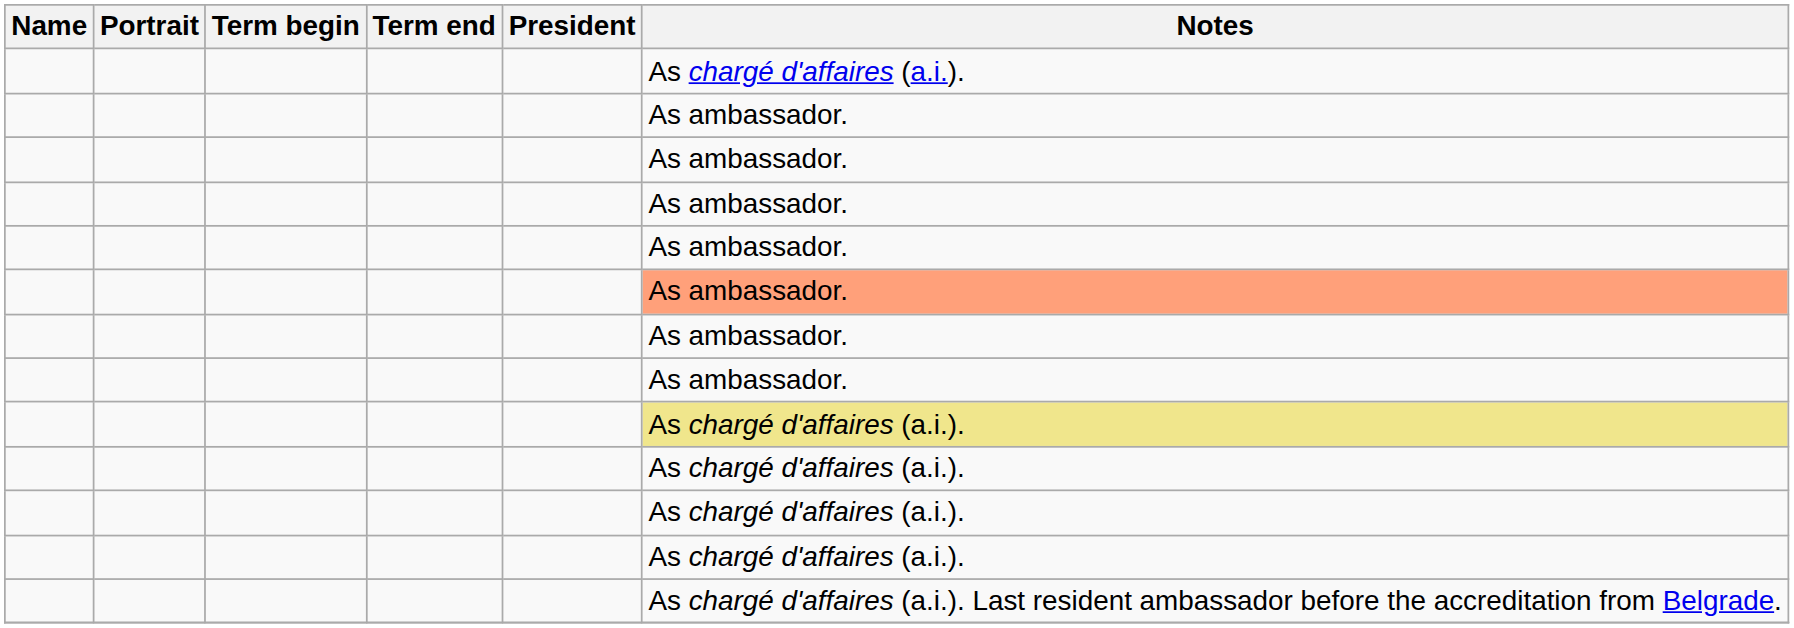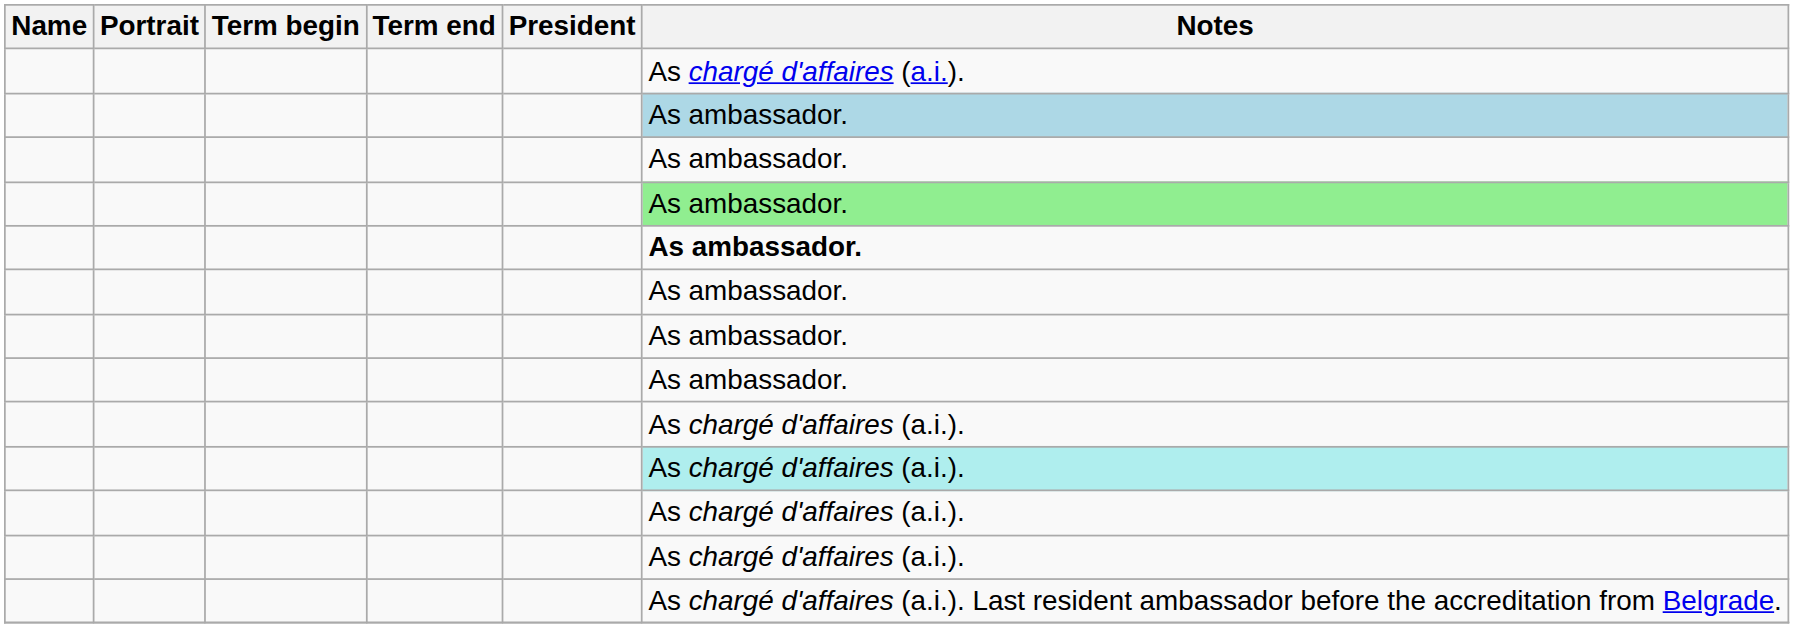 <table class="wikitable sortable"  text-align:center;">
 <tr>
 <th>Name</th>
 <th class="unsortable">Portrait</th>
 <th>Term begin</th>
 <th>Term end</th>
 <th>President</th>
 <th class="unsortable">Notes</th>
 </tr>
 <tr>
 <td></td>
 <td></td>
 <td></td>
 <td></td>
 <td></td>
 <td>As <em><a href='#'>chargé d'affaires</a></em> (<a href='#'>a.i.</a>).</td>
+</tr>
+<tr>
+<td></td>
+<td></td>
+<td></td>
+<td></td>
+<td></td>
+<td style="background: lightblue;">As ambassador.</td>
+</tr>
+<tr>
+<td></td>
+<td></td>
+<td></td>
+<td></td>
+<td></td>
+<td>As ambassador.</td>
+</tr>
+<tr>
+<td></td>
+<td></td>
+<td></td>
+<td></td>
+<td></td>
+<td style="background: lightgreen;">As ambassador.</td>
+</tr>
+<tr>
+<td></td>
+<td></td>
+<td></td>
+<td></td>
+<td></td>
+<td><strong>As ambassador.</strong></td>
 </tr>
 <tr>
 <td></td>
 <td></td>
 <td></td>
 <td></td>
 <td></td>
 <td>As ambassador.</td>
 </tr>
 <tr>
 <td></td>
 <td></td>
 <td></td>
 <td></td>
 <td></td>
 <td>As ambassador.</td>
 </tr>
 <tr>
 <td></td>
 <td></td>
 <td></td>
 <td></td>
 <td></td>
 <td>As ambassador.</td>
 </tr>
 <tr>
 <td></td>
 <td></td>
 <td></td>
 <td></td>
 <td></td>
-<td>As ambassador.</td>
+<td>As <em>chargé d'affaires</em> (a.i.).</td>
 </tr>
 <tr>
 <td></td>
 <td></td>
 <td></td>
 <td></td>
 <td></td>
-<td style="background: lightsalmon;">As ambassador.</td>
-</tr>
-<tr>
-<td></td>
-<td></td>
-<td></td>
-<td></td>
-<td></td>
-<td>As ambassador.</td>
-</tr>
-<tr>
-<td></td>
-<td></td>
-<td></td>
-<td></td>
-<td></td>
-<td>As ambassador.</td>
-</tr>
-<tr>
-<td></td>
-<td></td>
-<td></td>
-<td></td>
-<td></td>
-<td style="background: khaki;">As <em>chargé d'affaires</em> (a.i.).</td>
-</tr>
-<tr>
-<td></td>
-<td></td>
-<td></td>
-<td></td>
-<td></td>
-<td>As <em>chargé d'affaires</em> (a.i.).</td>
+<td style="background: paleturquoise;">As <em>chargé d'affaires</em> (a.i.).</td>
 </tr>
 <tr>
 <td></td>
 <td></td>
 <td></td>
 <td></td>
 <td></td>
 <td>As <em>chargé d'affaires</em> (a.i.).</td>
 </tr>
 <tr>
 <td></td>
 <td></td>
 <td></td>
 <td></td>
 <td></td>
 <td>As <em>chargé d'affaires</em> (a.i.).</td>
 </tr>
 <tr>
 <td></td>
 <td></td>
 <td></td>
 <td></td>
 <td></td>
 <td>As <em>chargé d'affaires</em> (a.i.). Last resident ambassador before the accreditation from <a href='#'>Belgrade</a>.</td>
 </tr>
 <tr>
 </tr>
 </table>
